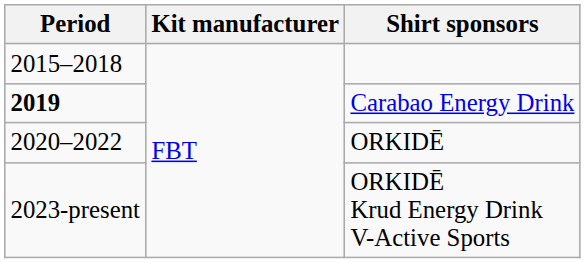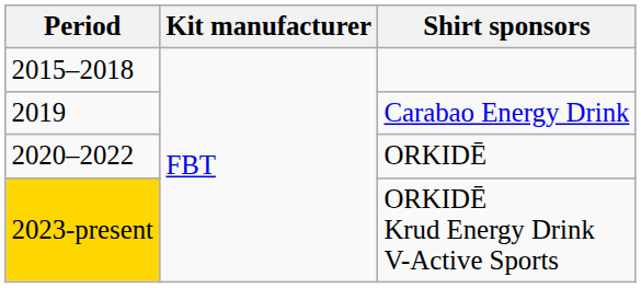 <table class="wikitable">
 <tr>
 <th>Period</th>
 <th>Kit manufacturer</th>
 <th>Shirt sponsors</th>
 </tr>
 <tr>
 <td>2015–2018</td>
 <td rowspan="6"> <a href='#'>FBT</a></td>
 <td></td>
 </tr>
 <tr>
-<td><strong>2019</strong></td>
+<td>2019</td>
 <td> <a href='#'>Carabao Energy Drink</a></td>
 </tr>
 <tr>
 <td>2020–2022</td>
 <td> ORKIDĒ</td>
 </tr>
 <tr>
-<td>2023-present</td>
+<td style="background: gold;">2023-present</td>
 <td> ORKIDĒ <br>  Krud Energy Drink <br>  V-Active Sports</td>
 </tr>
 </table>
